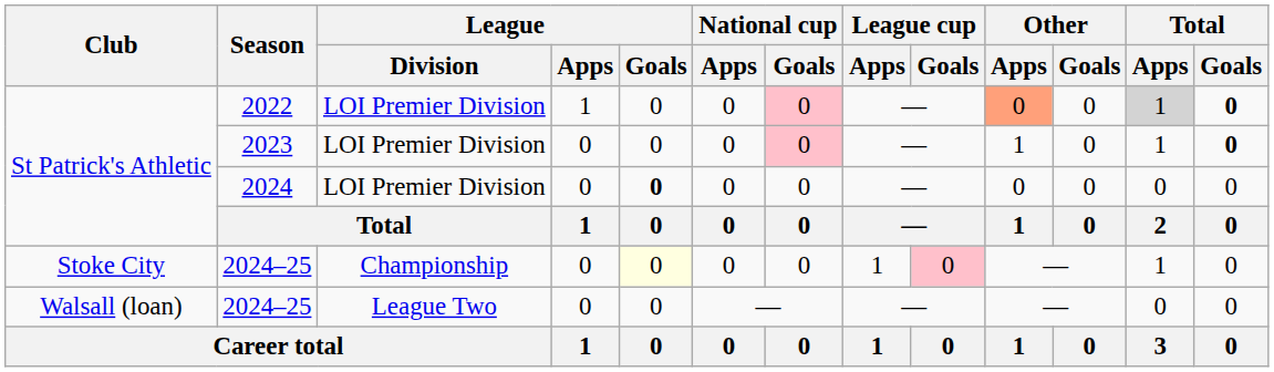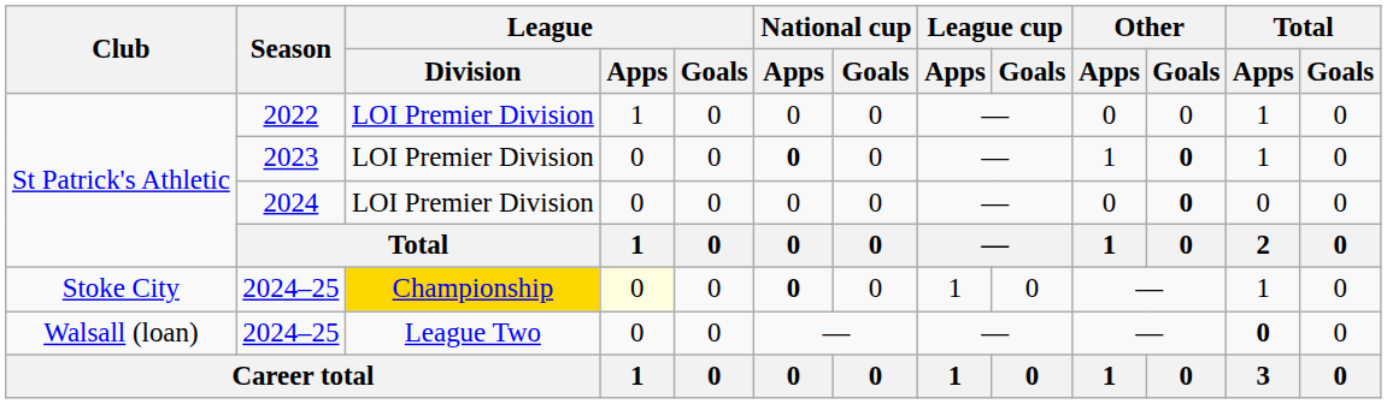 <table class="wikitable" style="text-align: center;">
 <tr>
 <th rowspan="2">Club</th>
 <th rowspan="2">Season</th>
 <th colspan="3">League</th>
 <th colspan="2">National cup</th>
 <th colspan="2">League cup</th>
 <th colspan="2">Other</th>
 <th colspan="2">Total</th>
 </tr>
 <tr>
 <th>Division</th>
 <th>Apps</th>
 <th>Goals</th>
 <th>Apps</th>
 <th>Goals</th>
 <th>Apps</th>
 <th>Goals</th>
 <th>Apps</th>
 <th>Goals</th>
 <th>Apps</th>
 <th>Goals</th>
 </tr>
 <tr>
 <td rowspan="4"><a href='#'>St Patrick's Athletic</a></td>
 <td><a href='#'>2022</a></td>
 <td><a href='#'>LOI Premier Division</a></td>
 <td>1</td>
 <td>0</td>
 <td>0</td>
-<td style="background: pink;">0</td>
+<td>0</td>
 <td colspan=2>—</td>
-<td style="background: lightsalmon;">0</td>
 <td>0</td>
-<td style="background: lightgrey;">1</td>
-<td><strong>0</strong></td>
+<td>0</td>
+<td>1</td>
+<td>0</td>
 </tr>
 <tr>
 <td><a href='#'>2023</a></td>
 <td>LOI Premier Division</td>
 <td>0</td>
 <td>0</td>
+<td><strong>0</strong></td>
 <td>0</td>
-<td style="background: pink;">0</td>
 <td colspan=2>—</td>
 <td>1</td>
+<td><strong>0</strong></td>
+<td>1</td>
 <td>0</td>
-<td>1</td>
-<td><strong>0</strong></td>
 </tr>
 <tr>
 <td><a href='#'>2024</a></td>
 <td>LOI Premier Division</td>
 <td>0</td>
-<td><strong>0</strong></td>
+<td>0</td>
 <td>0</td>
 <td>0</td>
 <td colspan=2>—</td>
 <td>0</td>
-<td>0</td>
+<td><strong>0</strong></td>
 <td>0</td>
 <td>0</td>
 </tr>
 <tr>
 <th colspan="2">Total</th>
 <th>1</th>
 <th>0</th>
 <th>0</th>
 <th>0</th>
 <th colspan=2>—</th>
 <th>1</th>
 <th>0</th>
 <th>2</th>
 <th>0</th>
 </tr>
 <tr>
 <td><a href='#'>Stoke City</a></td>
 <td><a href='#'>2024–25</a></td>
-<td><a href='#'>Championship</a></td>
-<td>0</td>
+<td style="background: gold;"><a href='#'>Championship</a></td>
 <td style="background: lightyellow;">0</td>
 <td>0</td>
+<td><strong>0</strong></td>
 <td>0</td>
 <td>1</td>
-<td style="background: pink;">0</td>
+<td>0</td>
 <td colspan=2>—</td>
 <td>1</td>
 <td>0</td>
 </tr>
 <tr>
 <td><a href='#'>Walsall</a> (loan)</td>
 <td><a href='#'>2024–25</a></td>
 <td><a href='#'>League Two</a></td>
 <td>0</td>
 <td>0</td>
 <td colspan=2>—</td>
 <td colspan=2>—</td>
 <td colspan=2>—</td>
-<td>0</td>
+<td><strong>0</strong></td>
 <td>0</td>
 </tr>
 <tr>
 <th colspan="3">Career total</th>
 <th>1</th>
 <th>0</th>
 <th>0</th>
 <th>0</th>
 <th>1</th>
 <th>0</th>
 <th>1</th>
 <th>0</th>
 <th>3</th>
 <th>0</th>
 </tr>
 </table>
